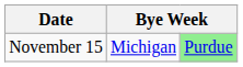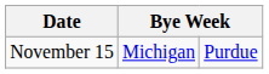 <table class="wikitable" style="font-size:95%;">
 <tr>
 <th>Date</th>
 <th colspan="2">Bye Week</th>
 </tr>
 <tr>
 <td>November 15</td>
 <td><a href='#'>Michigan</a></td>
-<td style="background: lightgreen;"><a href='#'>Purdue</a></td>
+<td><a href='#'>Purdue</a></td>
 </tr>
 </table>
